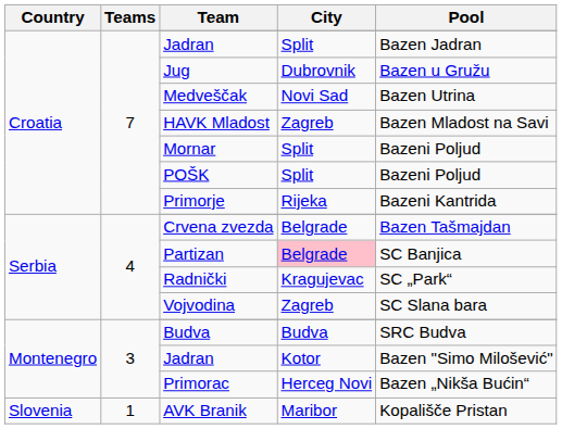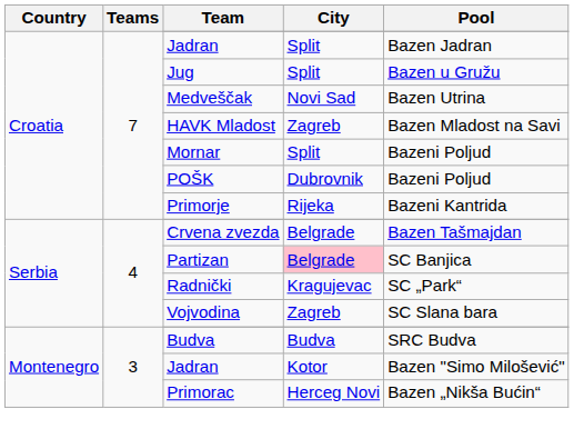 <table class="wikitable">
 <tr>
 <th>Country</th>
 <th>Teams</th>
 <th>Team</th>
 <th>City</th>
 <th>Pool</th>
 </tr>
 <tr>
 <td rowspan=8> <a href='#'>Croatia</a></td>
 <td align=center rowspan=8>7</td>
 </tr>
 <tr>
 <td><a href='#'>Jadran</a></td>
 <td><a href='#'>Split</a></td>
 <td>Bazen Jadran</td>
 </tr>
 <tr>
 <td><a href='#'>Jug</a></td>
-<td><a href='#'>Dubrovnik</a></td>
+<td><a href='#'>Split</a></td>
 <td><a href='#'>Bazen u Gružu</a></td>
 </tr>
 <tr>
 <td><a href='#'>Medveščak</a></td>
 <td><a href='#'>Novi Sad</a></td>
 <td>Bazen Utrina</td>
 </tr>
 <tr>
 <td><a href='#'>HAVK Mladost</a></td>
 <td><a href='#'>Zagreb</a></td>
 <td>Bazen Mladost na Savi</td>
 </tr>
 <tr>
 <td><a href='#'>Mornar</a></td>
 <td><a href='#'>Split</a></td>
 <td>Bazeni Poljud</td>
 </tr>
 <tr>
 <td><a href='#'>POŠK</a></td>
-<td><a href='#'>Split</a></td>
+<td><a href='#'>Dubrovnik</a></td>
 <td>Bazeni Poljud</td>
 </tr>
 <tr>
 <td><a href='#'>Primorje</a></td>
 <td><a href='#'>Rijeka</a></td>
 <td>Bazeni Kantrida</td>
 </tr>
 <tr>
 <td rowspan=5> <a href='#'>Serbia</a></td>
 <td align=center rowspan=5>4</td>
 </tr>
 <tr>
 <td><a href='#'>Crvena zvezda</a></td>
 <td><a href='#'>Belgrade</a></td>
 <td><a href='#'>Bazen Tašmajdan</a></td>
 </tr>
 <tr>
 <td><a href='#'>Partizan</a></td>
 <td style="background: pink;"><a href='#'>Belgrade</a></td>
 <td>SC Banjica</td>
 </tr>
 <tr>
 <td><a href='#'>Radnički</a></td>
 <td><a href='#'>Kragujevac</a></td>
 <td>SC „Park“</td>
 </tr>
 <tr>
 <td><a href='#'>Vojvodina</a></td>
 <td><a href='#'>Zagreb</a></td>
 <td>SC Slana bara</td>
 </tr>
 <tr>
 <td rowspan=4> <a href='#'>Montenegro</a></td>
 <td align=center rowspan=4>3</td>
 </tr>
 <tr>
 <td><a href='#'>Budva</a></td>
 <td><a href='#'>Budva</a></td>
 <td>SRC Budva</td>
 </tr>
 <tr>
 <td><a href='#'>Jadran</a></td>
 <td><a href='#'>Kotor</a></td>
 <td>Bazen "Simo Milošević"</td>
 </tr>
 <tr>
 <td><a href='#'>Primorac</a></td>
 <td><a href='#'>Herceg Novi</a></td>
 <td>Bazen „Nikša Bućin“</td>
 </tr>
-<tr>
-<td> <a href='#'>Slovenia</a></td>
-<td align=center>1</td>
-<td><a href='#'>AVK Branik</a></td>
-<td><a href='#'>Maribor</a></td>
-<td>Kopališče Pristan</td>
-</tr>
 </table>
